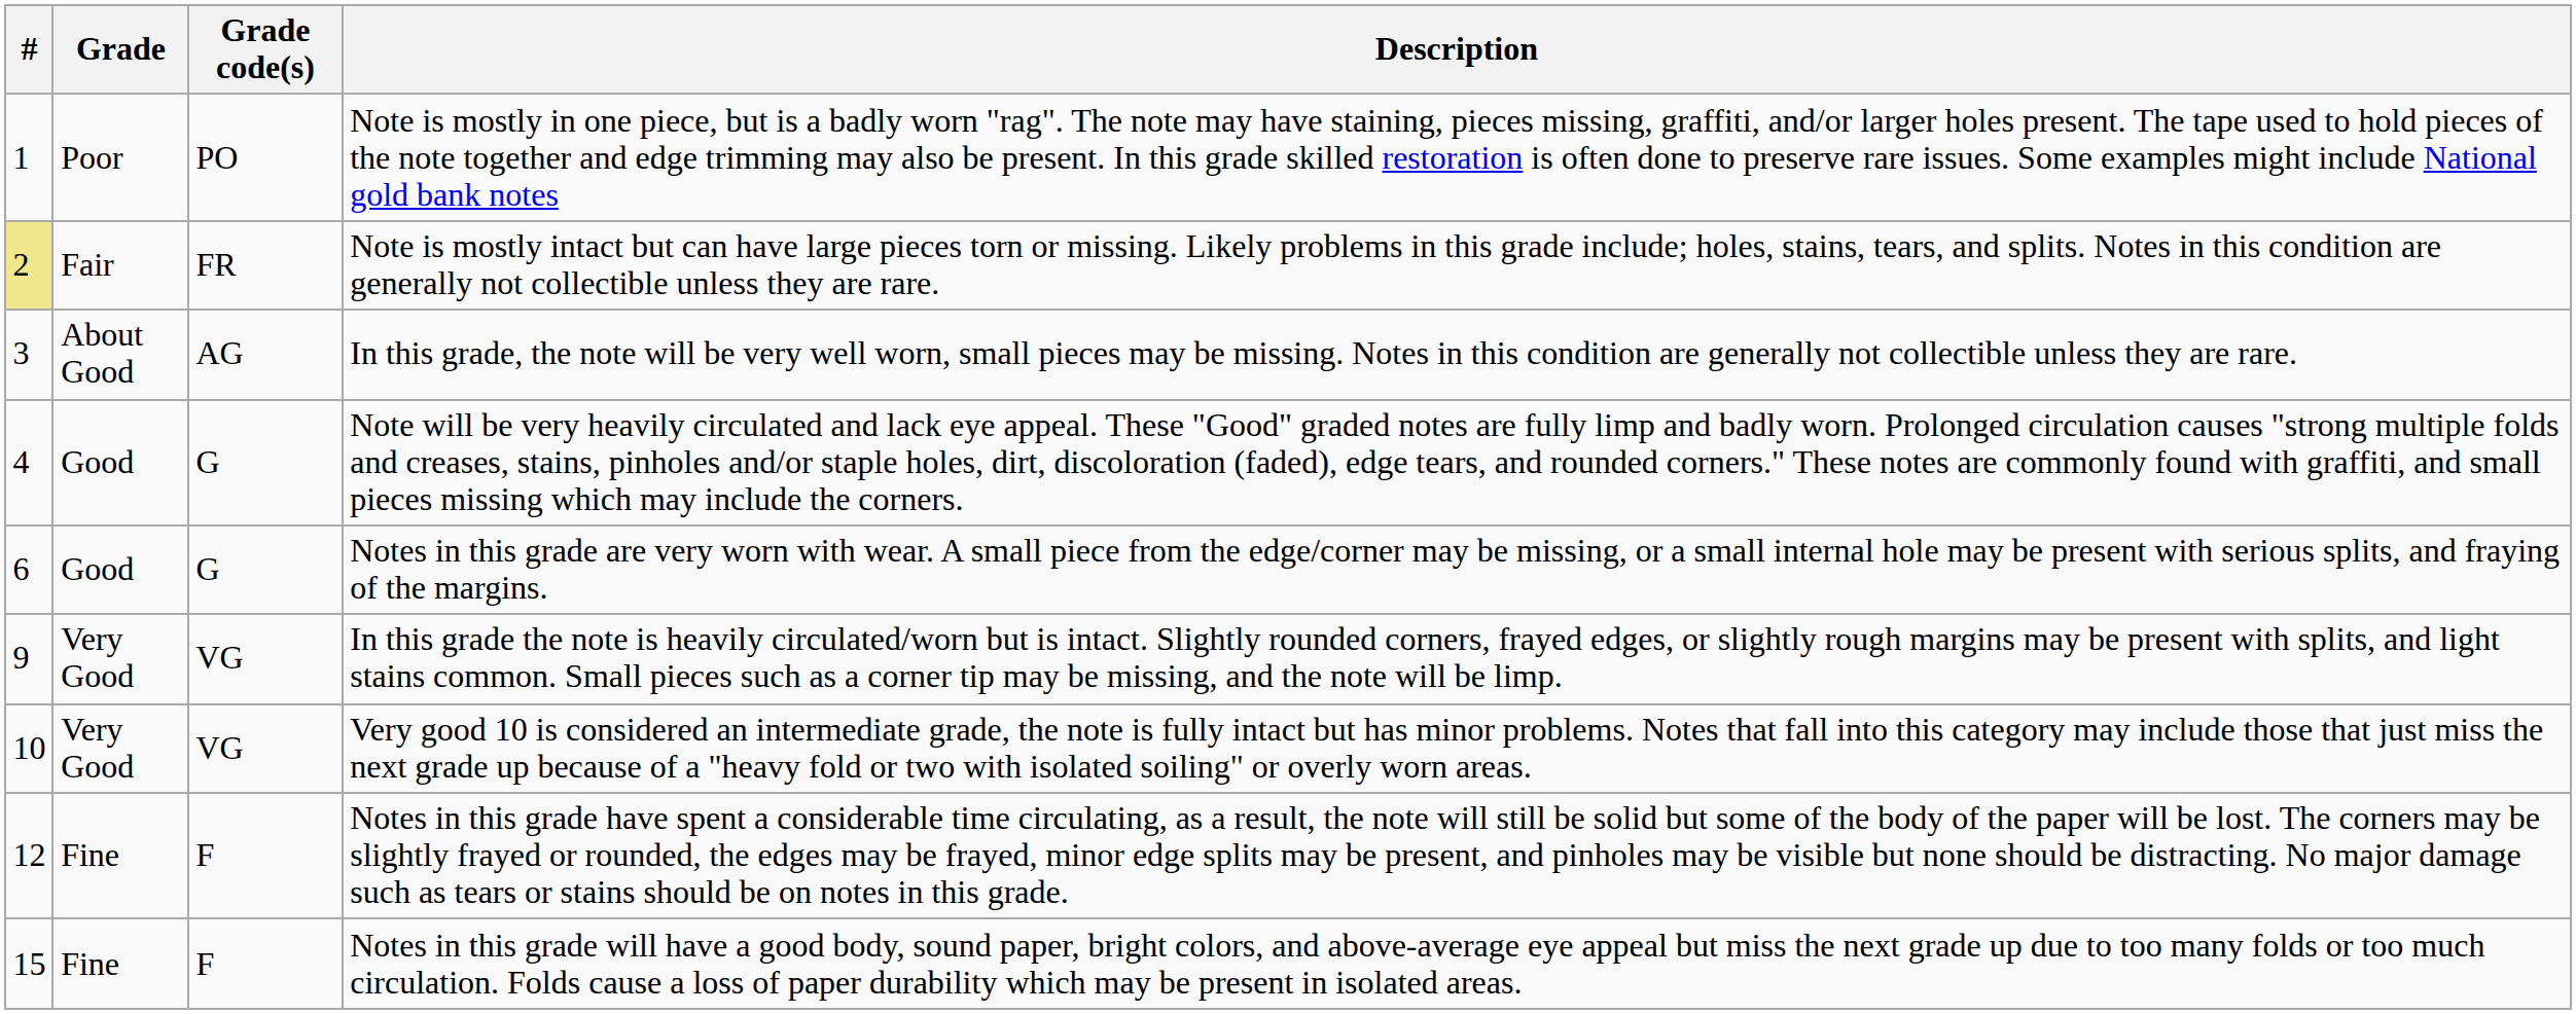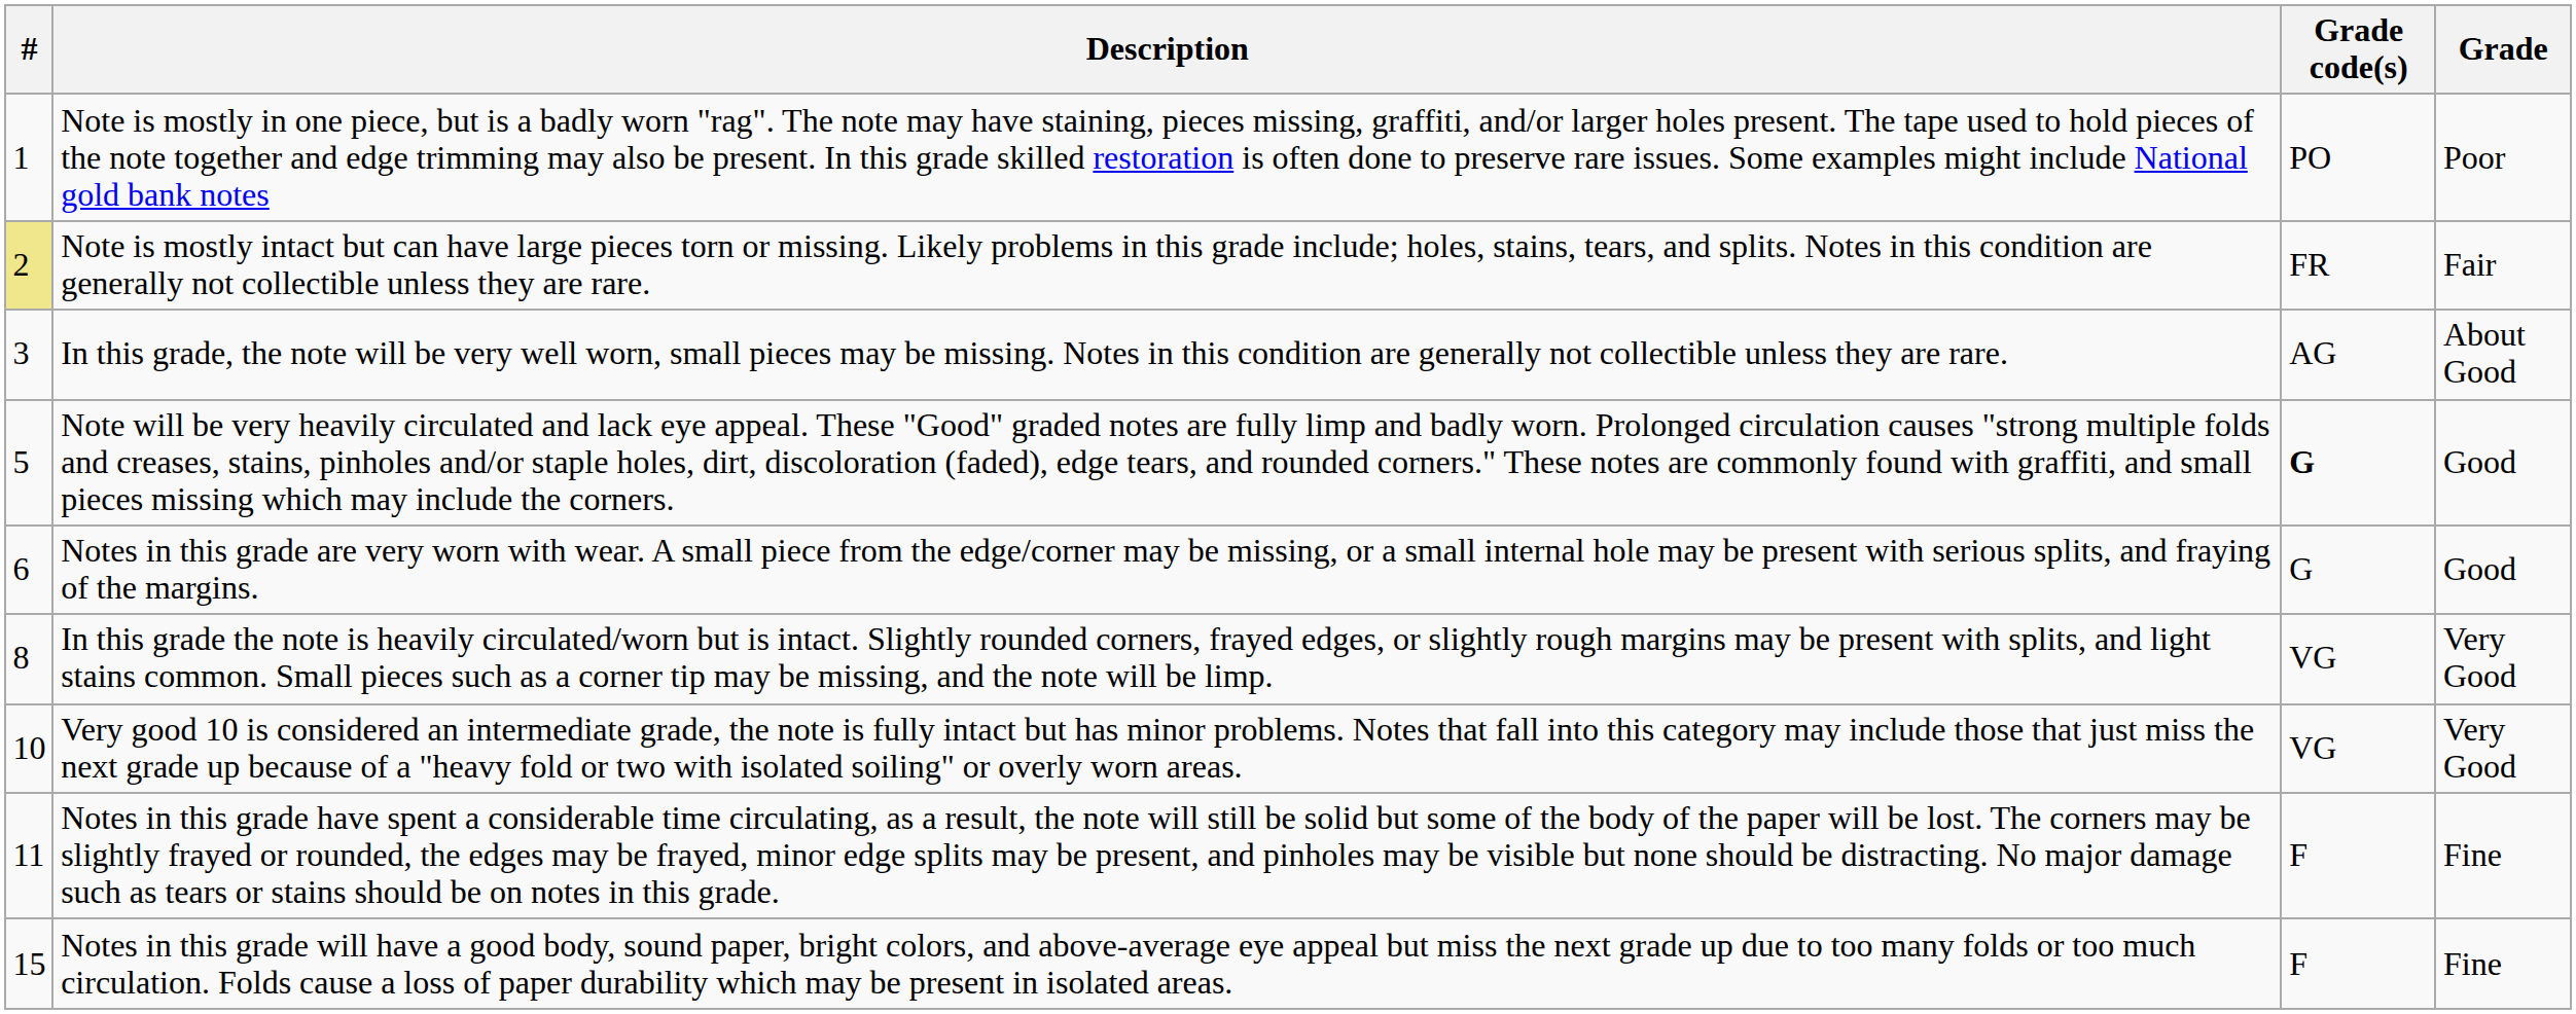 <table class="wikitable">
 <tr>
 <th>#</th>
+<th>Description</th>
+<th>Grade code(s)</th>
 <th>Grade</th>
-<th>Grade code(s)</th>
-<th>Description</th>
 </tr>
 <tr>
 <td>1</td>
+<td>Note is mostly in one piece, but is a badly worn "rag". The note may have staining, pieces missing, graffiti, and/or larger holes present. The tape used to hold pieces of the note together and edge trimming may also be present. In this grade skilled <a href='#'>restoration</a> is often done to preserve rare issues. Some examples might include <a href='#'>National gold bank notes</a></td>
+<td>PO</td>
 <td>Poor</td>
-<td>PO</td>
-<td>Note is mostly in one piece, but is a badly worn "rag". The note may have staining, pieces missing, graffiti, and/or larger holes present. The tape used to hold pieces of the note together and edge trimming may also be present. In this grade skilled <a href='#'>restoration</a> is often done to preserve rare issues. Some examples might include <a href='#'>National gold bank notes</a></td>
 </tr>
 <tr>
 <td style="background: khaki;">2</td>
+<td>Note is mostly intact but can have large pieces torn or missing. Likely problems in this grade include; holes, stains, tears, and splits. Notes in this condition are generally not collectible unless they are rare.</td>
+<td>FR</td>
 <td>Fair</td>
-<td>FR</td>
-<td>Note is mostly intact but can have large pieces torn or missing. Likely problems in this grade include; holes, stains, tears, and splits. Notes in this condition are generally not collectible unless they are rare.</td>
 </tr>
 <tr>
 <td>3</td>
+<td>In this grade, the note will be very well worn, small pieces may be missing. Notes in this condition are generally not collectible unless they are rare.</td>
+<td>AG</td>
 <td>About Good</td>
-<td>AG</td>
-<td>In this grade, the note will be very well worn, small pieces may be missing. Notes in this condition are generally not collectible unless they are rare.</td>
 </tr>
 <tr>
-<td>4</td>
+<td>5</td>
+<td>Note will be very heavily circulated and lack eye appeal. These "Good" graded notes are fully limp and badly worn. Prolonged circulation causes "strong multiple folds and creases, stains, pinholes and/or staple holes, dirt, discoloration (faded), edge tears, and rounded corners." These notes are commonly found with graffiti, and small pieces missing which may include the corners.</td>
+<td><strong>G</strong></td>
 <td>Good</td>
-<td>G</td>
-<td>Note will be very heavily circulated and lack eye appeal. These "Good" graded notes are fully limp and badly worn. Prolonged circulation causes "strong multiple folds and creases, stains, pinholes and/or staple holes, dirt, discoloration (faded), edge tears, and rounded corners." These notes are commonly found with graffiti, and small pieces missing which may include the corners.</td>
 </tr>
 <tr>
 <td>6</td>
+<td>Notes in this grade are very worn with wear. A small piece from the edge/corner may be missing, or a small internal hole may be present with serious splits, and fraying of the margins.</td>
+<td>G</td>
 <td>Good</td>
-<td>G</td>
-<td>Notes in this grade are very worn with wear. A small piece from the edge/corner may be missing, or a small internal hole may be present with serious splits, and fraying of the margins.</td>
 </tr>
 <tr>
-<td>9</td>
+<td>8</td>
+<td>In this grade the note is heavily circulated/worn but is intact. Slightly rounded corners, frayed edges, or slightly rough margins may be present with splits, and light stains common. Small pieces such as a corner tip may be missing, and the note will be limp.</td>
+<td>VG</td>
 <td>Very Good</td>
-<td>VG</td>
-<td>In this grade the note is heavily circulated/worn but is intact. Slightly rounded corners, frayed edges, or slightly rough margins may be present with splits, and light stains common. Small pieces such as a corner tip may be missing, and the note will be limp.</td>
 </tr>
 <tr>
 <td>10</td>
+<td>Very good 10 is considered an intermediate grade, the note is fully intact but has minor problems. Notes that fall into this category may include those that just miss the next grade up because of a "heavy fold or two with isolated soiling" or overly worn areas.</td>
+<td>VG</td>
 <td>Very Good</td>
-<td>VG</td>
-<td>Very good 10 is considered an intermediate grade, the note is fully intact but has minor problems. Notes that fall into this category may include those that just miss the next grade up because of a "heavy fold or two with isolated soiling" or overly worn areas.</td>
 </tr>
 <tr>
-<td>12</td>
+<td>11</td>
+<td>Notes in this grade have spent a considerable time circulating, as a result, the note will still be solid but some of the body of the paper will be lost. The corners may be slightly frayed or rounded, the edges may be frayed, minor edge splits may be present, and pinholes may be visible but none should be distracting. No major damage such as tears or stains should be on notes in this grade.</td>
+<td>F</td>
 <td>Fine</td>
-<td>F</td>
-<td>Notes in this grade have spent a considerable time circulating, as a result, the note will still be solid but some of the body of the paper will be lost. The corners may be slightly frayed or rounded, the edges may be frayed, minor edge splits may be present, and pinholes may be visible but none should be distracting. No major damage such as tears or stains should be on notes in this grade.</td>
 </tr>
 <tr>
 <td>15</td>
+<td>Notes in this grade will have a good body, sound paper, bright colors, and above-average eye appeal but miss the next grade up due to too many folds or too much circulation. Folds cause a loss of paper durability which may be present in isolated areas.</td>
+<td>F</td>
 <td>Fine</td>
-<td>F</td>
-<td>Notes in this grade will have a good body, sound paper, bright colors, and above-average eye appeal but miss the next grade up due to too many folds or too much circulation. Folds cause a loss of paper durability which may be present in isolated areas.</td>
 </tr>
 </table>
